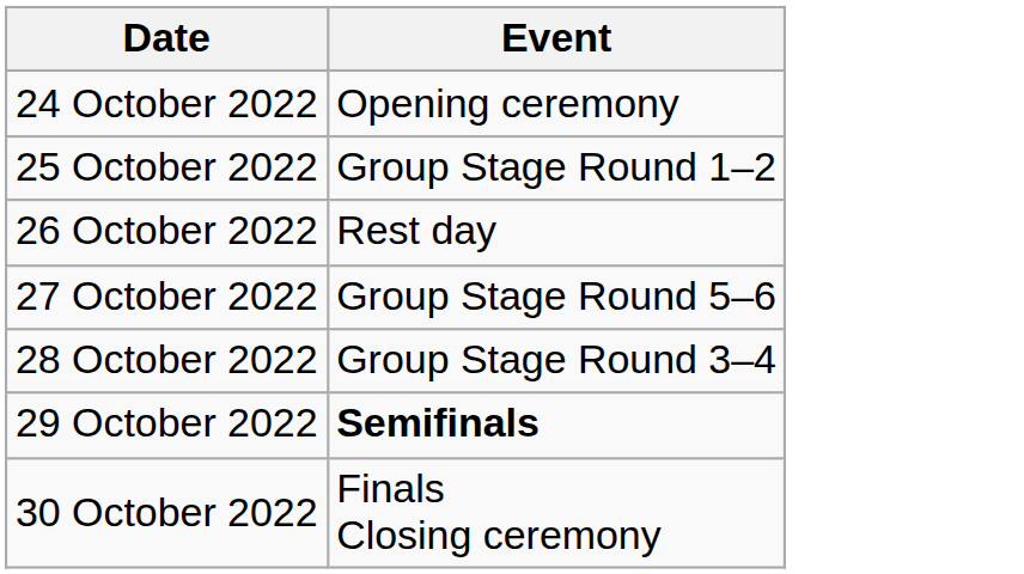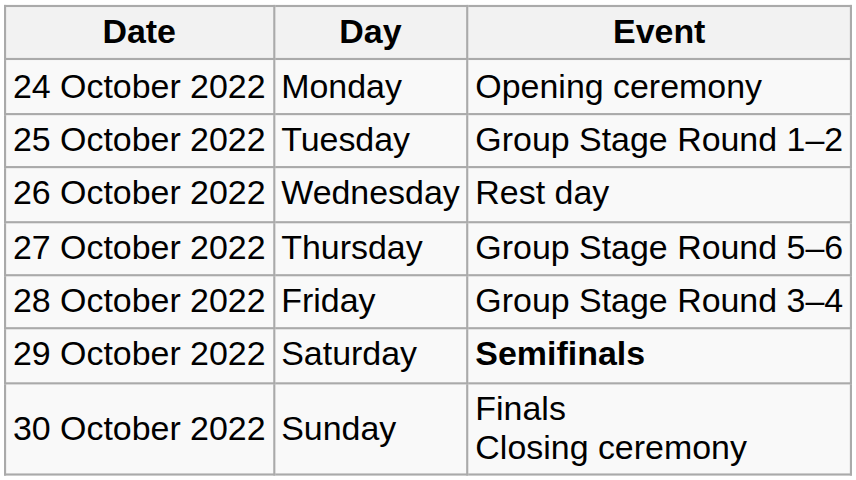 <table class="wikitable" style="display:inline-table">
 <tr>
 <th>Date</th>
+<th>Day</th>
 <th>Event</th>
 </tr>
 <tr>
 <td>24 October 2022</td>
+<td>Monday</td>
 <td>Opening ceremony</td>
 </tr>
 <tr>
 <td>25 October 2022</td>
+<td>Tuesday</td>
 <td>Group Stage Round 1–2</td>
 </tr>
 <tr>
 <td>26 October 2022</td>
+<td>Wednesday</td>
 <td>Rest day</td>
 </tr>
 <tr>
 <td>27 October 2022</td>
+<td>Thursday</td>
 <td>Group Stage Round 5–6</td>
 </tr>
 <tr>
 <td>28 October 2022</td>
+<td>Friday</td>
 <td>Group Stage Round 3–4</td>
 </tr>
 <tr>
 <td>29 October 2022</td>
+<td>Saturday</td>
 <td><strong>Semifinals</strong></td>
 </tr>
 <tr>
 <td>30 October 2022</td>
+<td>Sunday</td>
 <td>Finals <br> Closing ceremony</td>
 </tr>
 </table>
